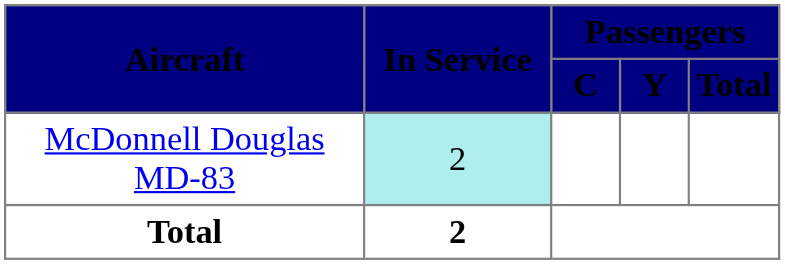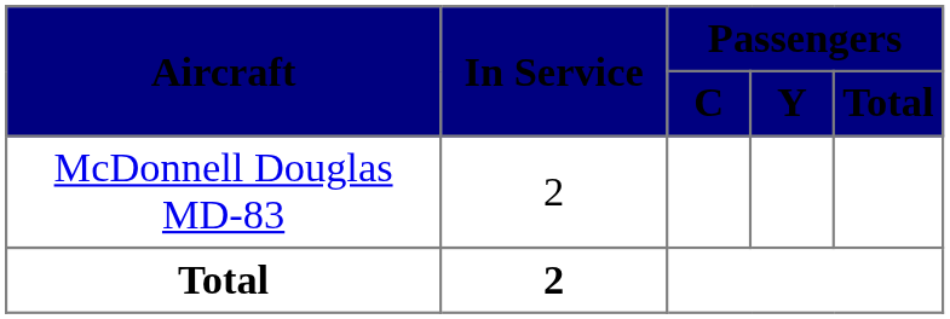 <table class="toccolours" border="1" cellpadding="3" style="border-collapse:collapse;text-align:center">
 <tr bgcolor=#000080>
 <th rowspan="2" style="width:160px;"><span>Aircraft</span></th>
 <th rowspan="2" style="width:80px;"><span>In Service</span></th>
 <th colspan="3" class="unsortable"><span>Passengers</span></th>
 </tr>
 <tr bgcolor=#000080>
 <th style="width:25px;"><abbr><span>C</span></abbr></th>
 <th style="width:25px;"><abbr><span>Y</span></abbr></th>
 <th style="width:25px;"><abbr><span>Total</span></abbr></th>
 </tr>
 <tr>
 <td><a href='#'>McDonnell Douglas MD-83</a></td>
-<td align=center style="background: paleturquoise;">2</td>
+<td align=center>2</td>
 <td></td>
 <td></td>
 <td></td>
 </tr>
 <tr>
 </tr>
 <tr>
 <th>Total</th>
 <th>2</th>
 </tr>
 </table>
